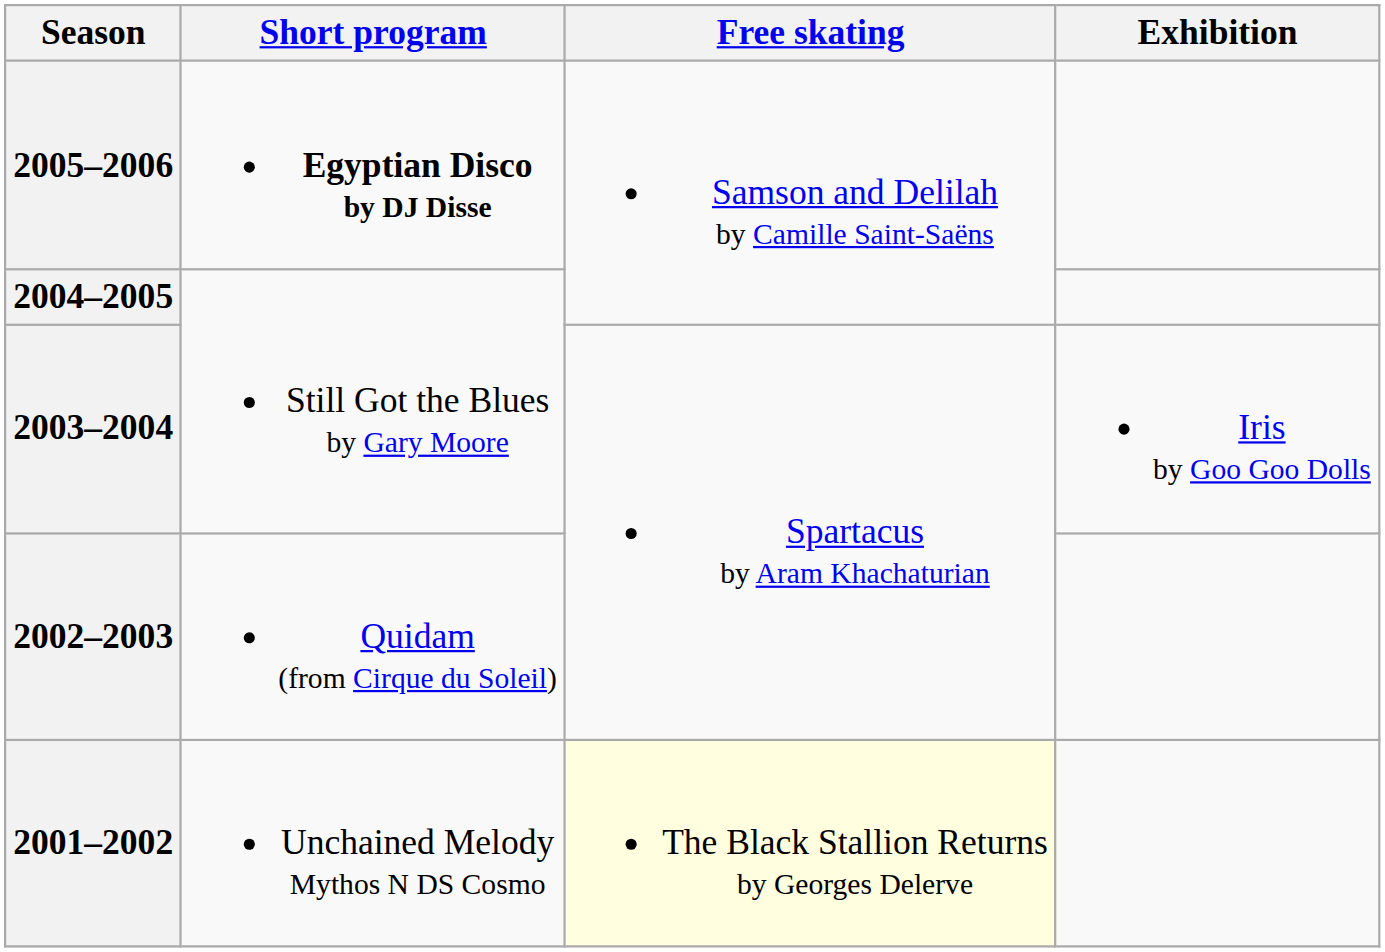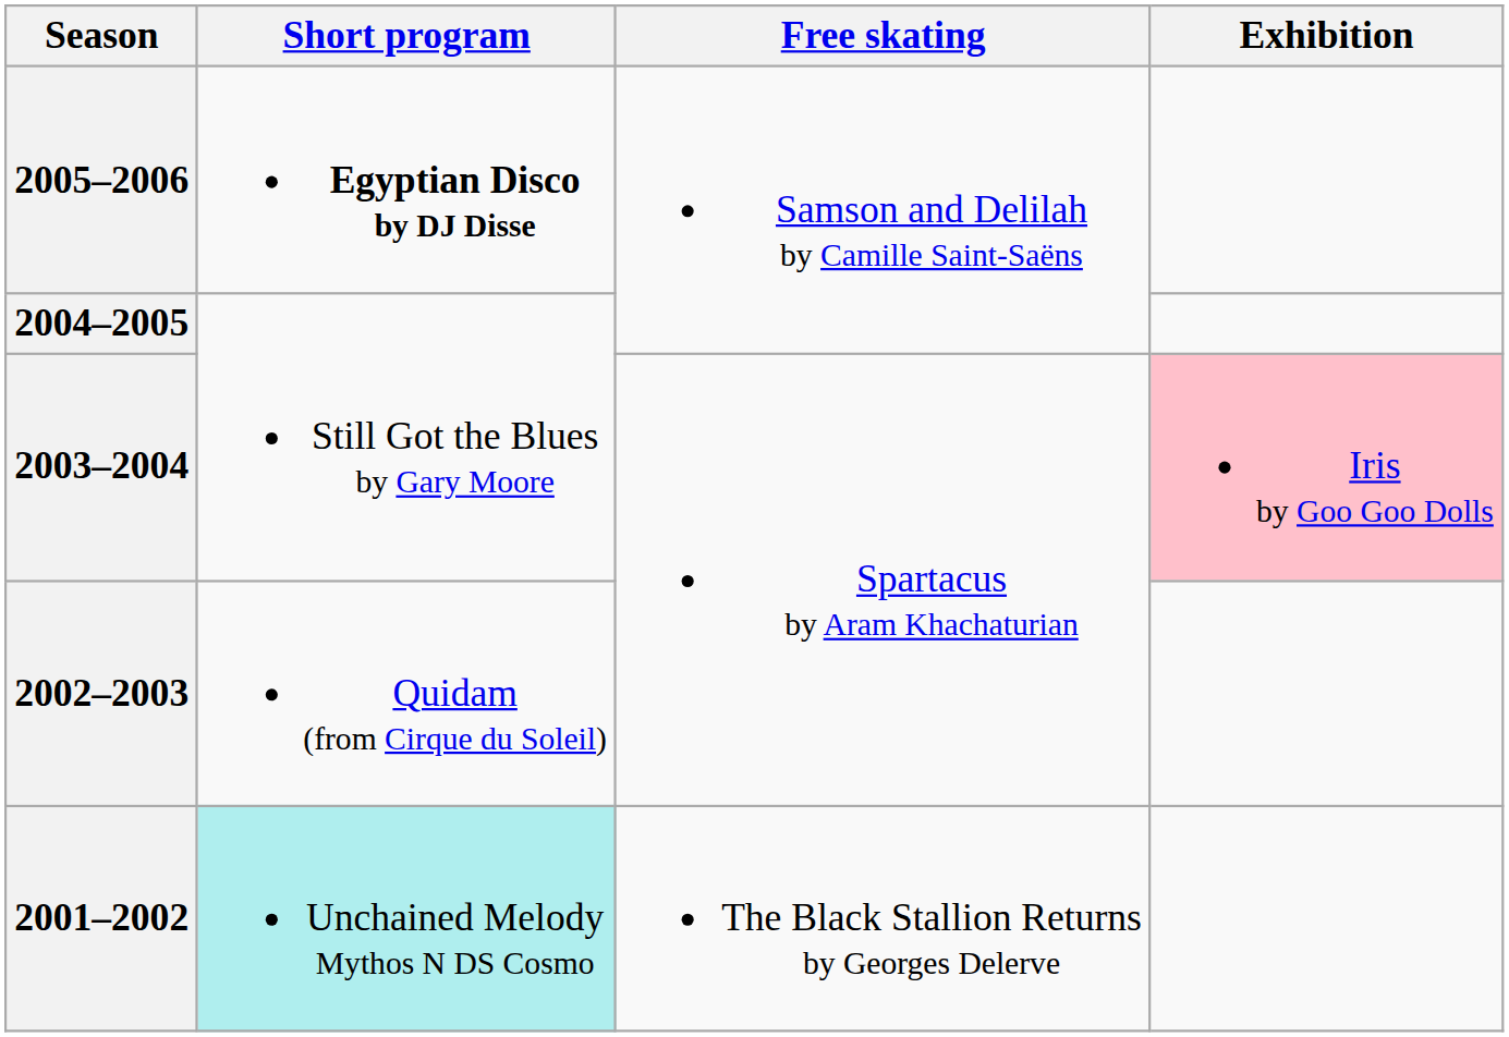 <table class="wikitable" style="text-align:center">
 <tr>
 <th>Season</th>
 <th><a href='#'>Short program</a></th>
 <th><a href='#'>Free skating</a></th>
 <th>Exhibition</th>
 </tr>
 <tr>
 <th>2005–2006 <br> </th>
 <td><strong><br><ul><li>Egyptian Disco <br><small> by DJ Disse </small></li></ul></strong></td>
 <td rowspan=2><br><ul><li><a href='#'>Samson and Delilah</a> <br><small> by <a href='#'>Camille Saint-Saëns</a> </small></li></ul></td>
 <td></td>
 </tr>
 <tr>
 <th>2004–2005 <br> </th>
 <td rowspan=2><br><ul><li>Still Got the Blues <br><small> by <a href='#'>Gary Moore</a> </small></li></ul></td>
 <td></td>
 </tr>
 <tr>
 <th>2003–2004 <br> </th>
 <td rowspan=2><br><ul><li><a href='#'>Spartacus</a> <br><small> by <a href='#'>Aram Khachaturian</a> </small></li></ul></td>
-<td><br><ul><li><a href='#'>Iris</a> <br><small> by <a href='#'>Goo Goo Dolls</a> </small></li></ul></td>
+<td style="background: pink;"><br><ul><li><a href='#'>Iris</a> <br><small> by <a href='#'>Goo Goo Dolls</a> </small></li></ul></td>
 </tr>
 <tr>
 <th>2002–2003 <br> </th>
 <td><br><ul><li><a href='#'>Quidam</a> <br><small> (from <a href='#'>Cirque du Soleil</a>) </small></li></ul></td>
 <td></td>
 </tr>
 <tr>
 <th>2001–2002 <br> </th>
-<td><br><ul><li>Unchained Melody <br><small> Mythos N DS Cosmo </small></li></ul></td>
-<td style="background: lightyellow;"><br><ul><li>The Black Stallion Returns <br><small> by Georges Delerve </small></li></ul></td>
+<td style="background: paleturquoise;"><br><ul><li>Unchained Melody <br><small> Mythos N DS Cosmo </small></li></ul></td>
+<td><br><ul><li>The Black Stallion Returns <br><small> by Georges Delerve </small></li></ul></td>
 <td></td>
 </tr>
 </table>
